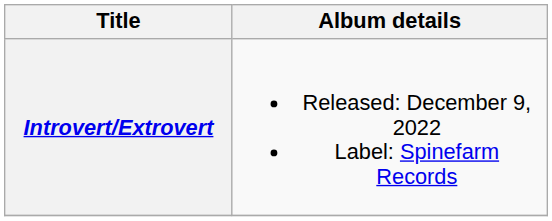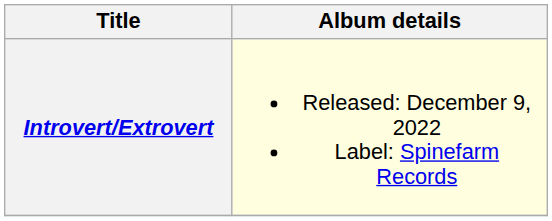 <table class="wikitable plainrowheaders" style="text-align:center;">
 <tr>
 <th scope="col" style="width:10em;">Title</th>
 <th scope="col" style="width:14em;">Album details</th>
 </tr>
 <tr>
 <th scope="row"><em><a href='#'>Introvert/Extrovert</a></em></th>
-<td><br><ul><li>Released: December 9, 2022</li><li>Label: <a href='#'>Spinefarm Records</a></li></ul></td>
+<td style="background: lightyellow;"><br><ul><li>Released: December 9, 2022</li><li>Label: <a href='#'>Spinefarm Records</a></li></ul></td>
 </tr>
 <tr>
 </tr>
 </table>
